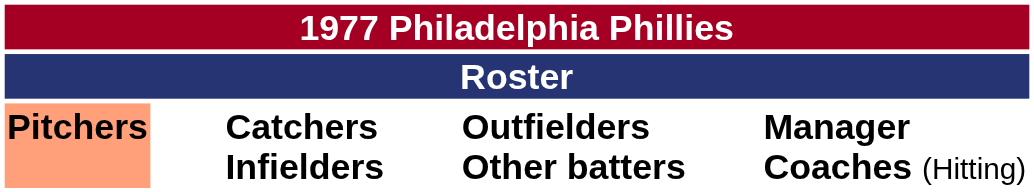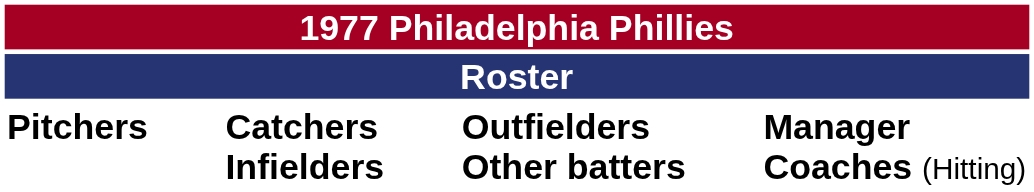 <table class="toccolours" style="font-size: 95%;">
 <tr>
 <th colspan="10" style="background-color: #A50024; color: white; text-align: center;">1977 Philadelphia Phillies</th>
 </tr>
 <tr>
 <td colspan="10" style="background-color: #263473; color: white; text-align: center;"><strong>Roster</strong></td>
 </tr>
 <tr>
-<td valign="top" style="background: lightsalmon;"><strong>Pitchers</strong><br>            </td>
+<td valign="top"><strong>Pitchers</strong><br>            </td>
 <td width="25px"></td>
 <td valign="top"><strong>Catchers</strong><br>    <strong>Infielders</strong>            </td>
 <td width="25px"></td>
 <td valign="top"><strong>Outfielders</strong><br>      <strong>Other batters</strong> </td>
 <td width="25px"></td>
 <td valign="top"><strong>Manager</strong><br> <strong>Coaches</strong>     <small>(Hitting)</small> </td>
 </tr>
 <tr>
 </tr>
 </table>
